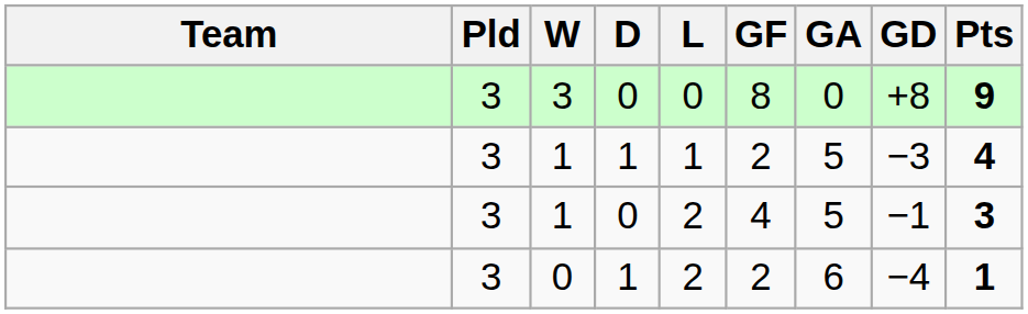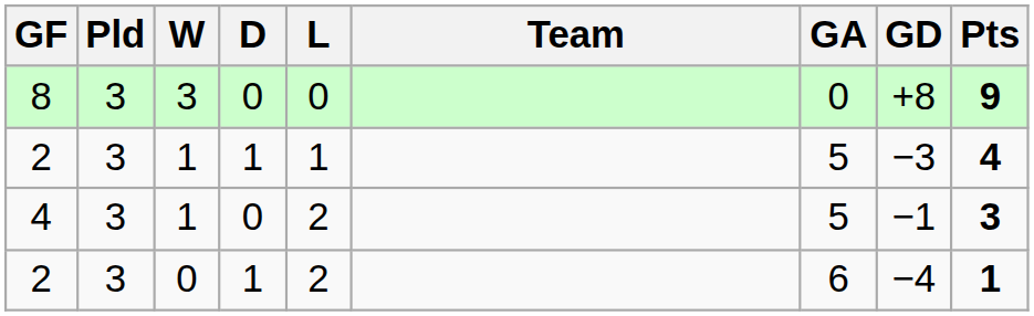 <table class="wikitable" style="text-align:center;">
 <tr>
-<th width=180>Team</th>
+<th width=20>GF</th>
 <th width=20>Pld</th>
 <th width=20>W</th>
 <th width=20>D</th>
 <th width=20>L</th>
-<th width=20>GF</th>
+<th width=180>Team</th>
 <th width=20>GA</th>
 <th width=20>GD</th>
 <th width=20>Pts</th>
 </tr>
 <tr align=center bgcolor="ccffcc">
-<td style="text-align:left;"></td>
+<td>8</td>
 <td>3</td>
 <td>3</td>
 <td>0</td>
 <td>0</td>
-<td>8</td>
+<td style="text-align:left;"></td>
 <td>0</td>
 <td>+8</td>
 <td><strong>9</strong></td>
 </tr>
 <tr align=center>
-<td style="text-align:left;"></td>
+<td>2</td>
 <td>3</td>
 <td>1</td>
 <td>1</td>
 <td>1</td>
-<td>2</td>
+<td style="text-align:left;"></td>
 <td>5</td>
 <td>−3</td>
 <td><strong>4</strong></td>
 </tr>
 <tr align=center>
-<td style="text-align:left;"></td>
+<td>4</td>
 <td>3</td>
 <td>1</td>
 <td>0</td>
 <td>2</td>
-<td>4</td>
+<td style="text-align:left;"></td>
 <td>5</td>
 <td>−1</td>
 <td><strong>3</strong></td>
 </tr>
 <tr align=center>
-<td style="text-align:left;"></td>
+<td>2</td>
 <td>3</td>
 <td>0</td>
 <td>1</td>
 <td>2</td>
-<td>2</td>
+<td style="text-align:left;"></td>
 <td>6</td>
 <td>−4</td>
 <td><strong>1</strong></td>
 </tr>
 </table>
